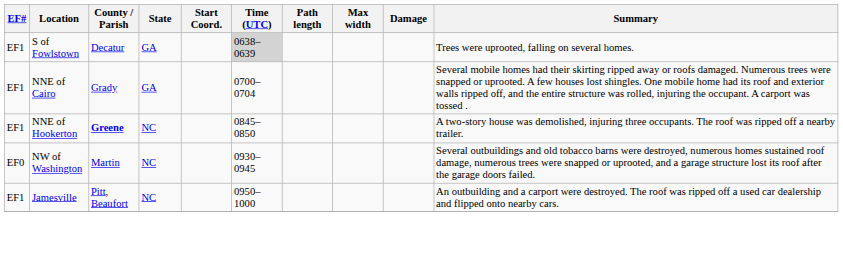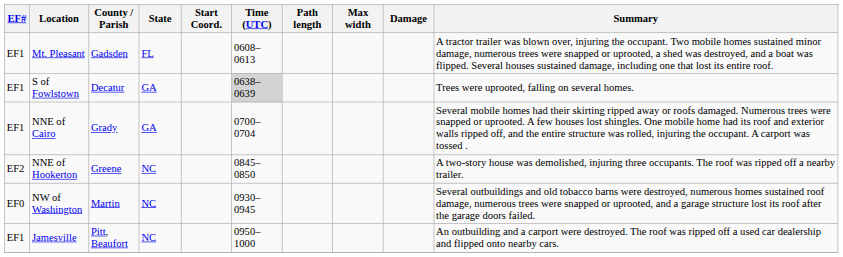 <table class="wikitable sortable" style="width:100%;">
 <tr>
 <th scope="col" width="3%" align="center"><a href='#'>EF#</a></th>
 <th scope="col" width="7%" align="center" class="unsortable">Location</th>
 <th scope="col" width="6%" align="center" class="unsortable">County / Parish</th>
 <th scope="col" width="5%" align="center">State</th>
 <th scope="col" width="6%" align="center">Start Coord.</th>
 <th scope="col" width="6%" align="center">Time (<a href='#'>UTC</a>)</th>
 <th scope="col" width="6%" align="center">Path length</th>
 <th scope="col" width="6%" align="center">Max width</th>
 <th scope="col" width="6%" align="center">Damage</th>
 <th scope="col" width="48%" class="unsortable" align="center">Summary</th>
+</tr>
+<tr>
+<td>EF1</td>
+<td><a href='#'>Mt. Pleasant</a></td>
+<td><a href='#'>Gadsden</a></td>
+<td><a href='#'>FL</a></td>
+<td></td>
+<td>0608–0613</td>
+<td></td>
+<td></td>
+<td></td>
+<td>A tractor trailer was blown over, injuring the occupant. Two mobile homes sustained minor damage, numerous trees were snapped or uprooted, a shed was destroyed, and a  boat was flipped. Several houses sustained damage, including one that lost its entire roof.</td>
 </tr>
 <tr>
 <td>EF1</td>
 <td>S of <a href='#'>Fowlstown</a></td>
 <td><a href='#'>Decatur</a></td>
 <td><a href='#'>GA</a></td>
 <td></td>
 <td style="background: lightgrey;">0638–0639</td>
 <td></td>
 <td></td>
 <td></td>
 <td>Trees were uprooted, falling on several homes.</td>
 </tr>
 <tr>
 <td>EF1</td>
 <td>NNE of <a href='#'>Cairo</a></td>
 <td><a href='#'>Grady</a></td>
 <td><a href='#'>GA</a></td>
 <td></td>
 <td>0700–0704</td>
 <td></td>
 <td></td>
 <td></td>
 <td>Several mobile homes had their skirting ripped away or roofs damaged. Numerous trees were snapped or uprooted. A few houses lost shingles. One mobile home had its roof and exterior walls ripped off, and the entire structure was rolled, injuring the occupant. A carport was tossed .</td>
 </tr>
 <tr>
-<td>EF1</td>
+<td>EF2</td>
 <td>NNE of <a href='#'>Hookerton</a></td>
-<td><strong><a href='#'>Greene</a></strong></td>
+<td><a href='#'>Greene</a></td>
 <td><a href='#'>NC</a></td>
 <td></td>
 <td>0845–0850</td>
 <td></td>
 <td></td>
 <td></td>
 <td>A two-story house was demolished, injuring three occupants. The roof was ripped off a nearby trailer.</td>
 </tr>
 <tr>
 <td>EF0</td>
 <td>NW of <a href='#'>Washington</a></td>
 <td><a href='#'>Martin</a></td>
 <td><a href='#'>NC</a></td>
 <td></td>
 <td>0930–0945</td>
 <td></td>
 <td></td>
 <td></td>
 <td>Several outbuildings and old tobacco barns were destroyed, numerous homes sustained roof damage, numerous trees were snapped or uprooted, and a garage structure lost its roof after the garage doors failed.</td>
 </tr>
 <tr>
 <td>EF1</td>
 <td><a href='#'>Jamesville</a></td>
 <td><a href='#'>Pitt</a>, <a href='#'>Beaufort</a></td>
 <td><a href='#'>NC</a></td>
 <td></td>
 <td>0950–1000</td>
 <td></td>
 <td></td>
 <td></td>
 <td>An outbuilding and a carport were destroyed. The roof was ripped off a used car dealership and flipped onto nearby cars.</td>
 </tr>
 <tr>
 </tr>
 </table>
